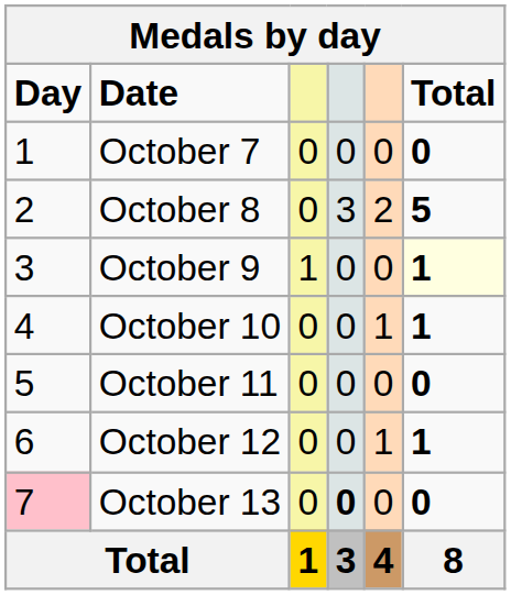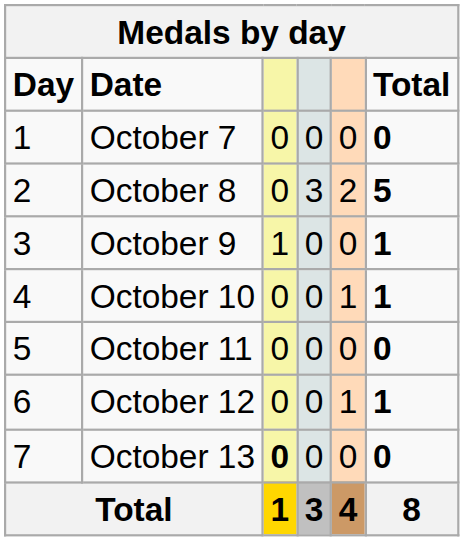 <table class=wikitable style="font-size:95%;">
 <tr>
 <th colspan=7><strong>Medals by day</strong></th>
 </tr>
 <tr>
 <td><strong>Day</strong></td>
 <td><strong>Date</strong></td>
 <td bgcolor=F7F6A8></td>
 <td bgcolor=DCE5E5></td>
 <td bgcolor=FFDAB9></td>
 <td><strong>Total</strong></td>
 </tr>
 <tr>
 <td>1</td>
 <td>October 7</td>
 <td bgcolor=F7F6A8>0</td>
 <td bgcolor=DCE5E5>0</td>
 <td bgcolor=FFDAB9>0</td>
 <td><strong>0</strong></td>
 </tr>
 <tr>
 <td>2</td>
 <td>October 8</td>
 <td bgcolor=F7F6A8>0</td>
 <td bgcolor=DCE5E5>3</td>
 <td bgcolor=FFDAB9>2</td>
 <td><strong>5</strong></td>
 </tr>
 <tr>
 <td>3</td>
 <td>October 9</td>
 <td bgcolor=F7F6A8>1</td>
 <td bgcolor=DCE5E5>0</td>
 <td bgcolor=FFDAB9>0</td>
-<td style="background: lightyellow;"><strong>1</strong></td>
+<td><strong>1</strong></td>
 </tr>
 <tr>
 <td>4</td>
 <td>October 10</td>
 <td bgcolor=F7F6A8>0</td>
 <td bgcolor=DCE5E5>0</td>
 <td bgcolor=FFDAB9>1</td>
 <td><strong>1</strong></td>
 </tr>
 <tr>
 <td>5</td>
 <td>October 11</td>
 <td bgcolor=F7F6A8>0</td>
 <td bgcolor=DCE5E5>0</td>
 <td bgcolor=FFDAB9>0</td>
 <td><strong>0</strong></td>
 </tr>
 <tr>
 <td>6</td>
 <td>October 12</td>
 <td bgcolor=F7F6A8>0</td>
 <td bgcolor=DCE5E5>0</td>
 <td bgcolor=FFDAB9>1</td>
 <td><strong>1</strong></td>
 </tr>
 <tr>
-<td style="background: pink;">7</td>
+<td>7</td>
 <td>October 13</td>
-<td bgcolor=F7F6A8>0</td>
-<td bgcolor=DCE5E5><strong>0</strong></td>
+<td bgcolor=F7F6A8><strong>0</strong></td>
+<td bgcolor=DCE5E5>0</td>
 <td bgcolor=FFDAB9>0</td>
 <td><strong>0</strong></td>
 </tr>
 <tr>
 <th colspan=2>Total</th>
 <th style="background:gold;">1</th>
 <th style="background:silver;">3</th>
 <th style="background:#c96;">4</th>
 <th>8</th>
 </tr>
 </table>
